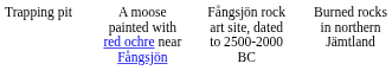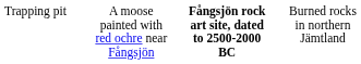 <table border="0" align="center" cellpadding="10px cellspacing" style="height:230; valign:bottom">
 <tr align="center" valign="top">
 <td></td>
 <td></td>
 <td></td>
 <td></td>
 </tr>
 <tr align="center" valign="top">
 <td width="100">Trapping pit</td>
 <td width="100">A moose painted with <a href='#'>red ochre</a> near <a href='#'>Fångsjön</a></td>
-<td width="100">Fångsjön rock art site, dated to 2500-2000 BC</td>
+<td width="100"><strong>Fångsjön rock art site, dated to 2500-2000 BC</strong></td>
 <td width="100">Burned rocks in northern Jämtland</td>
 </tr>
 </table>
